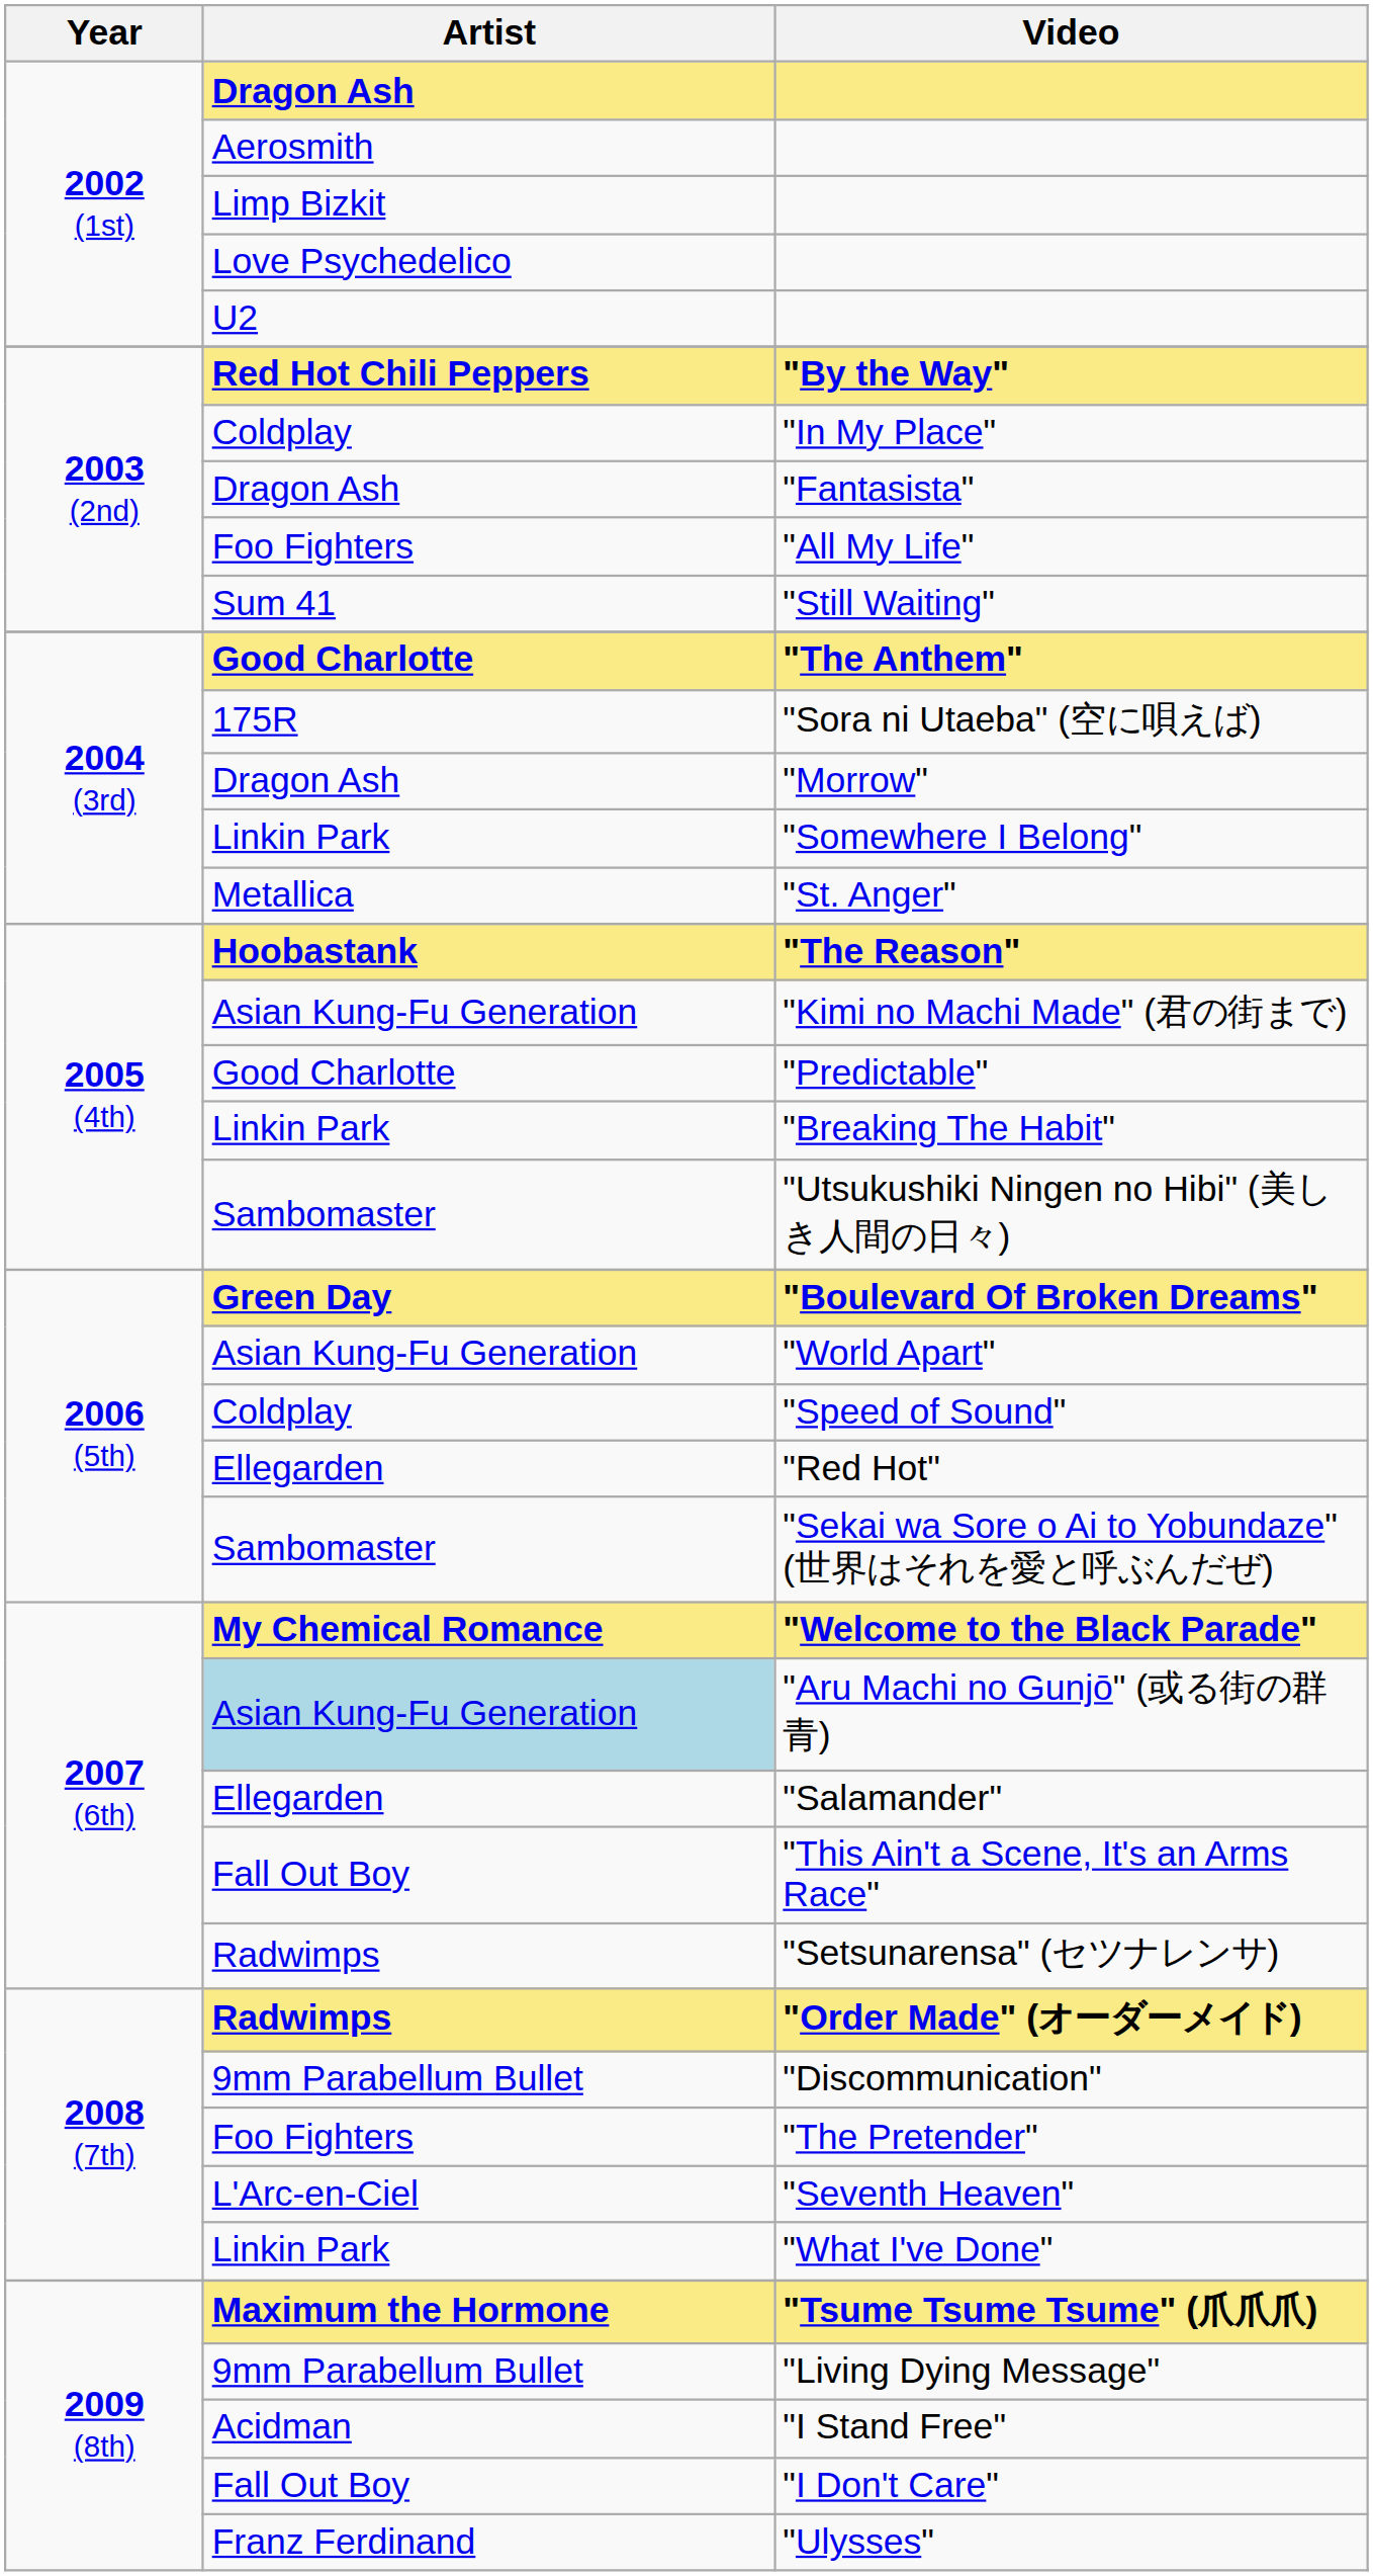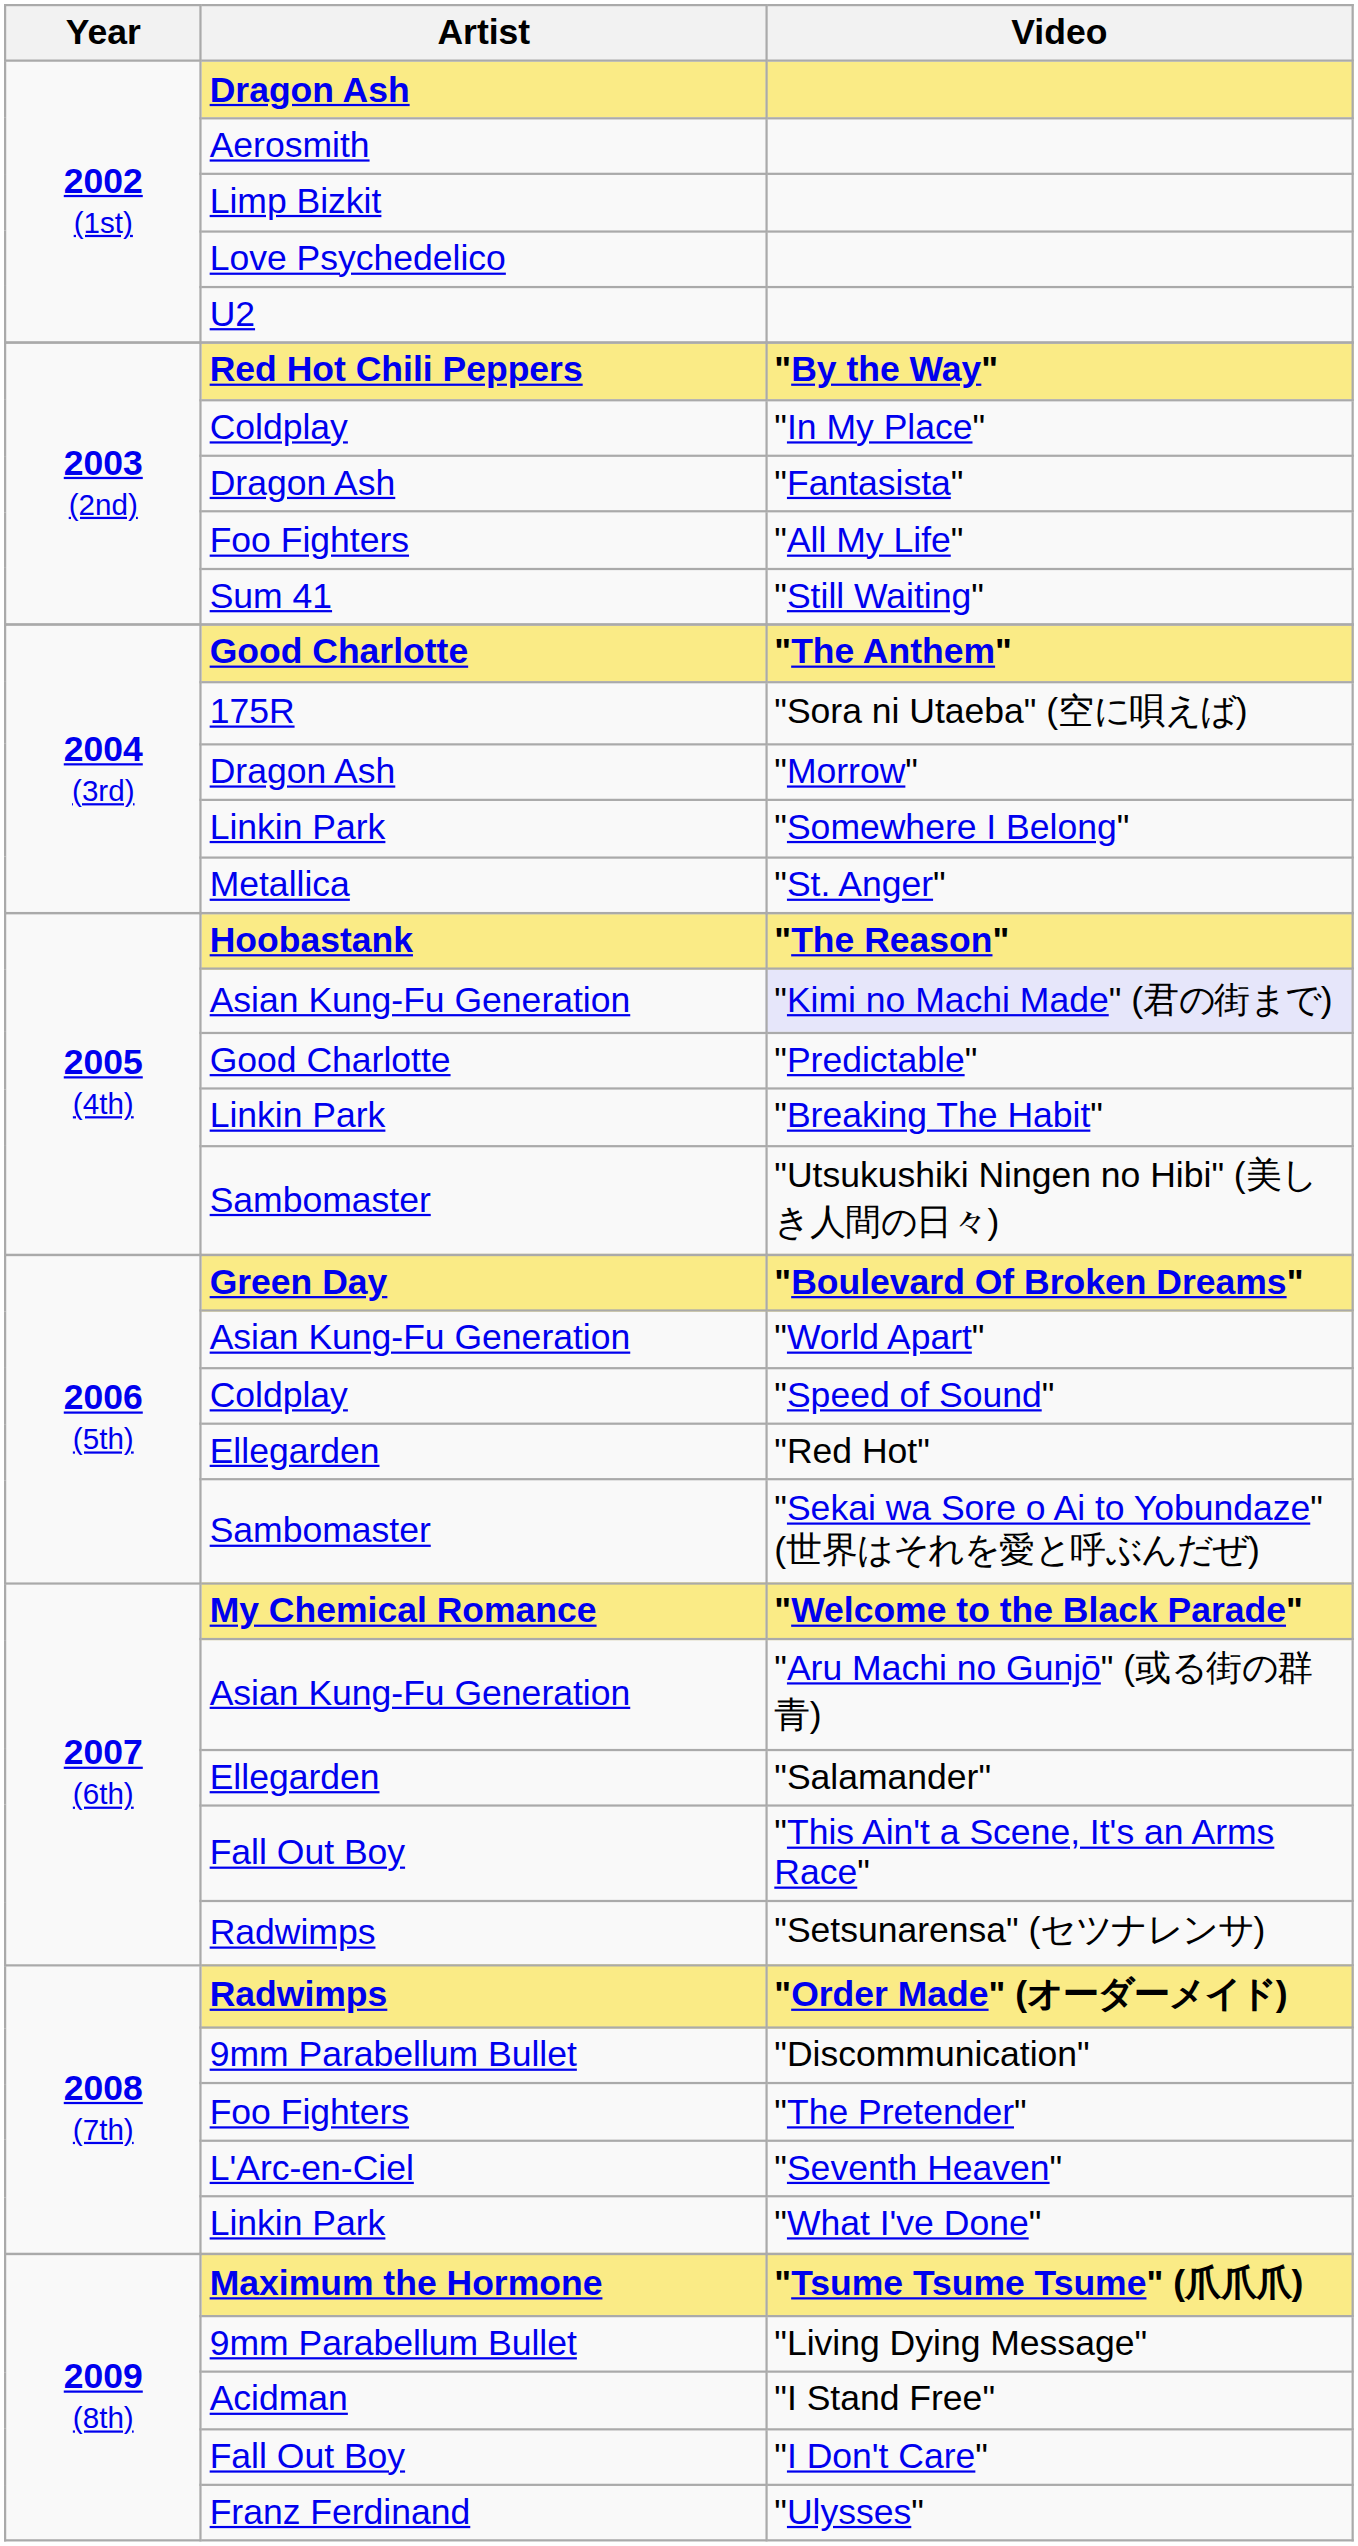 <table class="sortable wikitable">
 <tr>
 <th width="8%">Year</th>
 <th width="23%">Artist</th>
 <th width="23%">Video</th>
 </tr>
 <tr>
 <td rowspan=5 style="text-align:center"><strong><a href='#'>2002</a></strong><br><small><a href='#'>(1st)</a></small></td>
 <td style="background:#FAEB86"><strong><a href='#'>Dragon Ash</a></strong></td>
 <td style="background:#FAEB86"></td>
 </tr>
 <tr>
 <td><a href='#'>Aerosmith</a></td>
 <td></td>
 </tr>
 <tr>
 <td><a href='#'>Limp Bizkit</a></td>
 <td></td>
 </tr>
 <tr>
 <td><a href='#'>Love Psychedelico</a></td>
 <td></td>
 </tr>
 <tr>
 <td><a href='#'>U2</a></td>
 <td></td>
 </tr>
 <tr>
 </tr>
 <tr>
 <td rowspan=5 style="text-align:center"><strong><a href='#'>2003</a></strong><br><small><a href='#'>(2nd)</a></small></td>
 <td style="background:#FAEB86"><strong><a href='#'>Red Hot Chili Peppers</a></strong></td>
 <td style="background:#FAEB86"><strong>"<a href='#'>By the Way</a>"</strong></td>
 </tr>
 <tr>
 <td><a href='#'>Coldplay</a></td>
 <td>"<a href='#'>In My Place</a>"</td>
 </tr>
 <tr>
 <td><a href='#'>Dragon Ash</a></td>
 <td>"<a href='#'>Fantasista</a>"</td>
 </tr>
 <tr>
 <td><a href='#'>Foo Fighters</a></td>
 <td>"<a href='#'>All My Life</a>"</td>
 </tr>
 <tr>
 <td><a href='#'>Sum 41</a></td>
 <td>"<a href='#'>Still Waiting</a>"</td>
 </tr>
 <tr>
 </tr>
 <tr>
 <td rowspan=5 style="text-align:center"><strong><a href='#'>2004</a></strong><br><small><a href='#'>(3rd)</a></small></td>
 <td style="background:#FAEB86"><strong><a href='#'>Good Charlotte</a></strong></td>
 <td style="background:#FAEB86"><strong>"<a href='#'>The Anthem</a>"</strong></td>
 </tr>
 <tr>
 <td><a href='#'>175R</a></td>
 <td>"Sora ni Utaeba" (空に唄えば)</td>
 </tr>
 <tr>
 <td><a href='#'>Dragon Ash</a></td>
 <td>"<a href='#'>Morrow</a>"</td>
 </tr>
 <tr>
 <td><a href='#'>Linkin Park</a></td>
 <td>"<a href='#'>Somewhere I Belong</a>"</td>
 </tr>
 <tr>
 <td><a href='#'>Metallica</a></td>
 <td>"<a href='#'>St. Anger</a>"</td>
 </tr>
 <tr>
 </tr>
 <tr>
 <td rowspan=5 style="text-align:center"><strong><a href='#'>2005</a></strong><br><small><a href='#'>(4th)</a></small></td>
 <td style="background:#FAEB86"><strong><a href='#'>Hoobastank</a></strong></td>
 <td style="background:#FAEB86"><strong>"<a href='#'>The Reason</a>"</strong></td>
 </tr>
 <tr>
 <td><a href='#'>Asian Kung-Fu Generation</a></td>
-<td>"<a href='#'>Kimi no Machi Made</a>" (君の街まで)</td>
+<td style="background: lavender;">"<a href='#'>Kimi no Machi Made</a>" (君の街まで)</td>
 </tr>
 <tr>
 <td><a href='#'>Good Charlotte</a></td>
 <td>"<a href='#'>Predictable</a>"</td>
 </tr>
 <tr>
 <td><a href='#'>Linkin Park</a></td>
 <td>"<a href='#'>Breaking The Habit</a>"</td>
 </tr>
 <tr>
 <td><a href='#'>Sambomaster</a></td>
 <td>"Utsukushiki Ningen no Hibi" (美しき人間の日々)</td>
 </tr>
 <tr>
 </tr>
 <tr>
 <td rowspan=5 style="text-align:center"><strong><a href='#'>2006</a></strong><br><small><a href='#'>(5th)</a></small></td>
 <td style="background:#FAEB86"><strong><a href='#'>Green Day</a></strong></td>
 <td style="background:#FAEB86"><strong>"<a href='#'>Boulevard Of Broken Dreams</a>"</strong></td>
 </tr>
 <tr>
 <td><a href='#'>Asian Kung-Fu Generation</a></td>
 <td>"<a href='#'>World Apart</a>"</td>
 </tr>
 <tr>
 <td><a href='#'>Coldplay</a></td>
 <td>"<a href='#'>Speed of Sound</a>"</td>
 </tr>
 <tr>
 <td><a href='#'>Ellegarden</a></td>
 <td>"Red Hot"</td>
 </tr>
 <tr>
 <td><a href='#'>Sambomaster</a></td>
 <td>"<a href='#'>Sekai wa Sore o Ai to Yobundaze</a>" (世界はそれを愛と呼ぶんだぜ)</td>
 </tr>
 <tr>
 <td rowspan=5 style="text-align:center"><strong><a href='#'>2007</a></strong><br><small><a href='#'>(6th)</a></small></td>
 <td style="background:#FAEB86"><strong><a href='#'>My Chemical Romance</a></strong></td>
 <td style="background:#FAEB86"><strong>"<a href='#'>Welcome to the Black Parade</a>"</strong></td>
 </tr>
 <tr>
-<td style="background: lightblue;"><a href='#'>Asian Kung-Fu Generation</a></td>
+<td><a href='#'>Asian Kung-Fu Generation</a></td>
 <td>"<a href='#'>Aru Machi no Gunjō</a>" (或る街の群青)</td>
 </tr>
 <tr>
 <td><a href='#'>Ellegarden</a></td>
 <td>"Salamander"</td>
 </tr>
 <tr>
 <td><a href='#'>Fall Out Boy</a></td>
 <td>"<a href='#'>This Ain't a Scene, It's an Arms Race</a>"</td>
 </tr>
 <tr>
 <td><a href='#'>Radwimps</a></td>
 <td>"Setsunarensa" (セツナレンサ)</td>
 </tr>
 <tr>
 <td rowspan=5 style="text-align:center"><strong><a href='#'>2008</a></strong><br><small><a href='#'>(7th)</a></small></td>
 <td style="background:#FAEB86"><strong><a href='#'>Radwimps</a></strong></td>
 <td style="background:#FAEB86"><strong>"<a href='#'>Order Made</a>" (オーダーメイド)</strong></td>
 </tr>
 <tr>
 <td><a href='#'>9mm Parabellum Bullet</a></td>
 <td>"Discommunication"</td>
 </tr>
 <tr>
 <td><a href='#'>Foo Fighters</a></td>
 <td>"<a href='#'>The Pretender</a>"</td>
 </tr>
 <tr>
 <td><a href='#'>L'Arc-en-Ciel</a></td>
 <td>"<a href='#'>Seventh Heaven</a>"</td>
 </tr>
 <tr>
 <td><a href='#'>Linkin Park</a></td>
 <td>"<a href='#'>What I've Done</a>"</td>
 </tr>
 <tr>
 </tr>
 <tr>
 <td rowspan=5 style="text-align:center"><strong><a href='#'>2009</a></strong><br><small><a href='#'>(8th)</a></small></td>
 <td style="background:#FAEB86"><strong><a href='#'>Maximum the Hormone</a></strong></td>
 <td style="background:#FAEB86"><strong>"<a href='#'>Tsume Tsume Tsume</a>" (爪爪爪)</strong></td>
 </tr>
 <tr>
 <td><a href='#'>9mm Parabellum Bullet</a></td>
 <td>"Living Dying Message"</td>
 </tr>
 <tr>
 <td><a href='#'>Acidman</a></td>
 <td>"I Stand Free"</td>
 </tr>
 <tr>
 <td><a href='#'>Fall Out Boy</a></td>
 <td>"<a href='#'>I Don't Care</a>"</td>
 </tr>
 <tr>
 <td><a href='#'>Franz Ferdinand</a></td>
 <td>"<a href='#'>Ulysses</a>"</td>
 </tr>
 </table>
